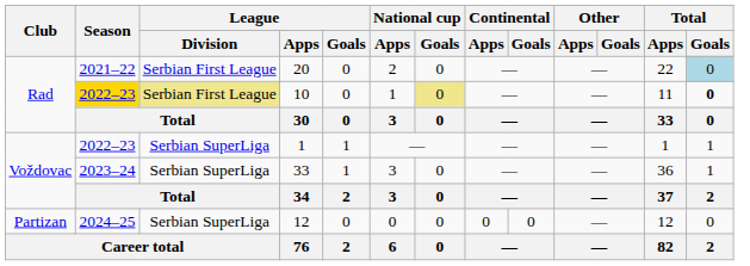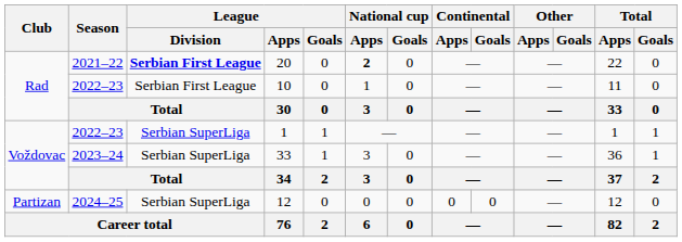 <table class="wikitable" style="text-align:center">
 <tr>
 <th rowspan="2">Club</th>
 <th rowspan="2">Season</th>
 <th colspan="3">League</th>
 <th colspan="2">National cup</th>
 <th colspan="2">Continental</th>
 <th colspan="2">Other</th>
 <th colspan="2">Total</th>
 </tr>
 <tr>
 <th>Division</th>
 <th>Apps</th>
 <th>Goals</th>
 <th>Apps</th>
 <th>Goals</th>
 <th>Apps</th>
 <th>Goals</th>
 <th>Apps</th>
 <th>Goals</th>
 <th>Apps</th>
 <th>Goals</th>
 </tr>
 <tr>
 <td rowspan="3"><a href='#'>Rad</a></td>
 <td><a href='#'>2021–22</a></td>
-<td><a href='#'>Serbian First League</a></td>
+<td><strong><a href='#'>Serbian First League</a></strong></td>
 <td>20</td>
 <td>0</td>
-<td>2</td>
+<td><strong>2</strong></td>
 <td>0</td>
 <td colspan="2">—</td>
 <td colspan="2">—</td>
 <td>22</td>
-<td style="background: lightblue;">0</td>
+<td>0</td>
 </tr>
 <tr>
-<td style="background: gold;"><a href='#'>2022–23</a></td>
-<td style="background: khaki;">Serbian First League</td>
+<td><a href='#'>2022–23</a></td>
+<td>Serbian First League</td>
 <td>10</td>
 <td>0</td>
 <td>1</td>
-<td style="background: khaki;">0</td>
+<td>0</td>
 <td colspan="2">—</td>
 <td colspan="2">—</td>
 <td>11</td>
-<td><strong>0</strong></td>
+<td>0</td>
 </tr>
 <tr>
 <th colspan="2">Total</th>
 <th>30</th>
 <th>0</th>
 <th>3</th>
 <th>0</th>
 <th colspan="2">—</th>
 <th colspan="2">—</th>
 <th>33</th>
 <th>0</th>
 </tr>
 <tr>
 <td rowspan="3"><a href='#'>Voždovac</a></td>
 <td><a href='#'>2022–23</a></td>
 <td><a href='#'>Serbian SuperLiga</a></td>
 <td>1</td>
 <td>1</td>
 <td colspan="2">—</td>
 <td colspan="2">—</td>
 <td colspan="2">—</td>
 <td>1</td>
 <td>1</td>
 </tr>
 <tr>
 <td><a href='#'>2023–24</a></td>
 <td>Serbian SuperLiga</td>
 <td>33</td>
 <td>1</td>
 <td>3</td>
 <td>0</td>
 <td colspan="2">—</td>
 <td colspan="2">—</td>
 <td>36</td>
 <td>1</td>
 </tr>
 <tr>
 <th colspan="2">Total</th>
 <th>34</th>
 <th>2</th>
 <th>3</th>
 <th>0</th>
 <th colspan="2">—</th>
 <th colspan="2">—</th>
 <th>37</th>
 <th>2</th>
 </tr>
 <tr>
 <td><a href='#'>Partizan</a></td>
 <td><a href='#'>2024–25</a></td>
 <td>Serbian SuperLiga</td>
 <td>12</td>
 <td>0</td>
 <td>0</td>
 <td>0</td>
 <td>0</td>
 <td>0</td>
 <td colspan="2">—</td>
 <td>12</td>
 <td>0</td>
 </tr>
 <tr>
 <th colspan="3">Career total</th>
 <th>76</th>
 <th>2</th>
 <th>6</th>
 <th>0</th>
 <th colspan="2">—</th>
 <th colspan="2">—</th>
 <th>82</th>
 <th>2</th>
 </tr>
 </table>
